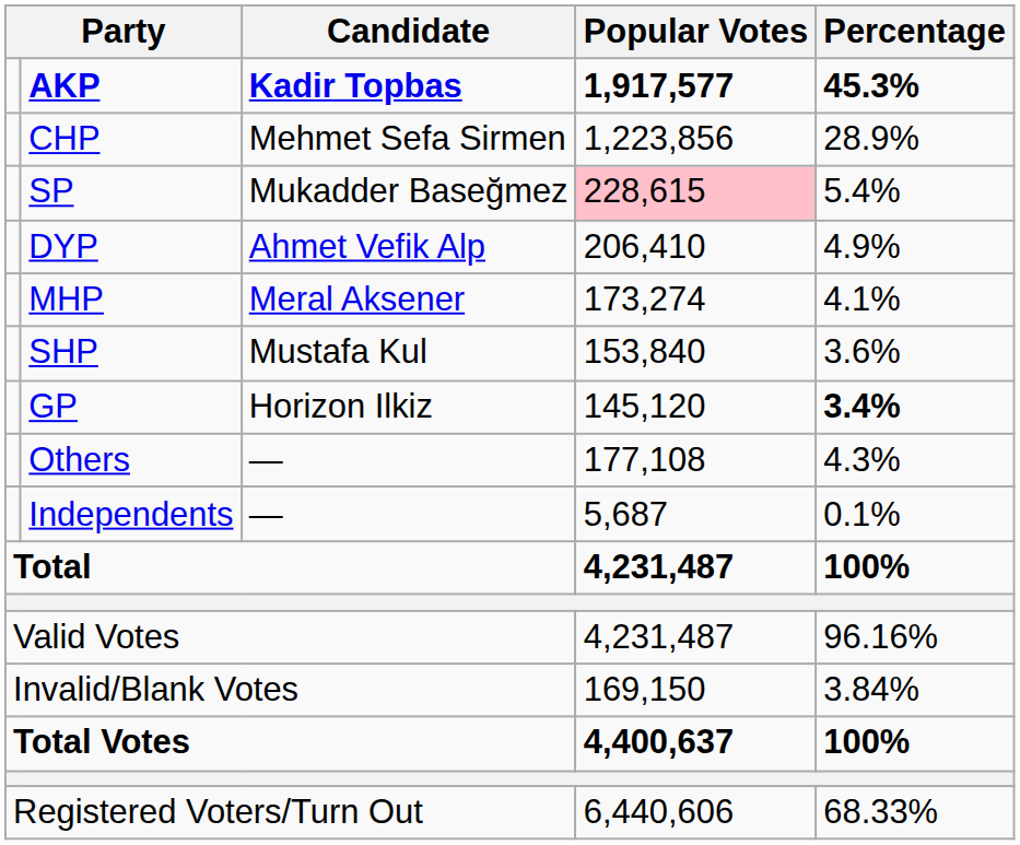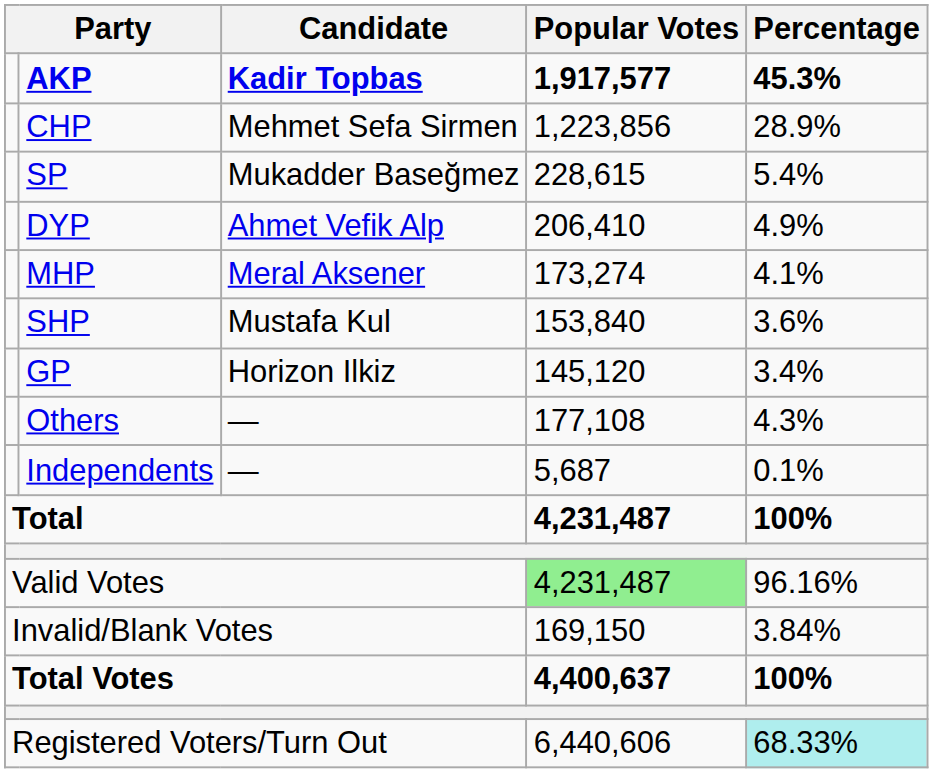 <table class="wikitable sortable">
 <tr>
 <th colspan="2">Party</th>
 <th>Candidate</th>
 <th>Popular Votes</th>
 <th>Percentage</th>
 </tr>
 <tr>
 <td style="background-color:"></td>
 <td><strong><a href='#'>AKP</a></strong></td>
 <td><strong><a href='#'>Kadir Topbas</a></strong></td>
 <td><strong>1,917,577</strong></td>
 <td><strong>45.3%</strong></td>
 </tr>
 <tr>
 <td style="background-color:"></td>
 <td><a href='#'>CHP</a></td>
 <td>Mehmet Sefa Sirmen</td>
 <td>1,223,856</td>
 <td>28.9%</td>
 </tr>
 <tr>
 <td style="background-color:"></td>
 <td><a href='#'>SP</a></td>
 <td>Mukadder Baseğmez</td>
-<td style="background: pink;">228,615</td>
+<td>228,615</td>
 <td>5.4%</td>
 </tr>
 <tr>
 <td style="background-color:"></td>
 <td><a href='#'>DYP</a></td>
 <td><a href='#'>Ahmet Vefik Alp</a></td>
 <td>206,410</td>
 <td>4.9%</td>
 </tr>
 <tr>
 <td style="background-color:"></td>
 <td><a href='#'>MHP</a></td>
 <td><a href='#'>Meral Aksener</a></td>
 <td>173,274</td>
 <td>4.1%</td>
 </tr>
 <tr>
 <td style="background-color:"></td>
 <td><a href='#'>SHP</a></td>
 <td>Mustafa Kul</td>
 <td>153,840</td>
 <td>3.6%</td>
 </tr>
 <tr>
 <td style="background-color:"></td>
 <td><a href='#'>GP</a></td>
 <td>Horizon Ilkiz</td>
 <td>145,120</td>
-<td><strong>3.4%</strong></td>
+<td>3.4%</td>
 </tr>
 <tr>
 <td style="background-color:"></td>
 <td><a href='#'>Others</a></td>
 <td>—</td>
 <td>177,108</td>
 <td>4.3%</td>
 </tr>
 <tr>
 <td style="background-color:"></td>
 <td><a href='#'>Independents</a></td>
 <td>—</td>
 <td>5,687</td>
 <td>0.1%</td>
 </tr>
 <tr>
 <td colspan="3"><strong>Total</strong></td>
 <td><strong>4,231,487</strong></td>
 <td><strong>100%</strong></td>
 </tr>
 <tr>
 <th colspan="5"></th>
 </tr>
 <tr>
 <td colspan="3">Valid Votes</td>
-<td>4,231,487</td>
+<td style="background: lightgreen;">4,231,487</td>
 <td>96.16%</td>
 </tr>
 <tr>
 <td colspan="3">Invalid/Blank Votes</td>
 <td>169,150</td>
 <td>3.84%</td>
 </tr>
 <tr>
 <td colspan="3"><strong>Total Votes</strong></td>
 <td><strong>4,400,637</strong></td>
 <td><strong>100%</strong></td>
 </tr>
 <tr>
 <th colspan="5"></th>
 </tr>
 <tr>
 <td colspan="3">Registered Voters/Turn Out</td>
 <td>6,440,606</td>
-<td>68.33%</td>
+<td style="background: paleturquoise;">68.33%</td>
 </tr>
 </table>
